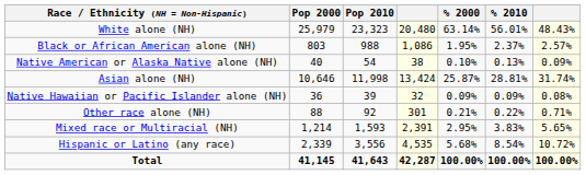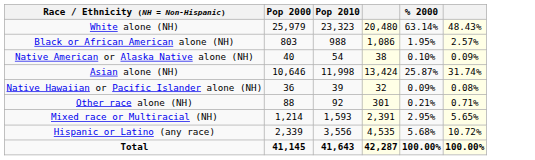 <table class="wikitable" style="text-align:center;">
 <tr>
 <th>Race / Ethnicity <small>(<em>NH = Non-Hispanic</em>)</small></th>
 <th>Pop 2000</th>
 <th>Pop 2010</th>
 <th></th>
 <th>% 2000</th>
-<th>% 2010</th>
 <th></th>
 </tr>
 <tr>
 <td><a href='#'>White</a> alone (NH)</td>
 <td>25,979</td>
 <td>23,323</td>
 <td style='background: #ffffe6;'>20,480</td>
 <td>63.14%</td>
-<td>56.01%</td>
 <td style='background: #ffffe6;'>48.43%</td>
 </tr>
 <tr>
 <td><a href='#'>Black or African American</a> alone (NH)</td>
 <td>803</td>
 <td>988</td>
 <td style='background: #ffffe6;'>1,086</td>
 <td>1.95%</td>
-<td>2.37%</td>
 <td style='background: #ffffe6;'>2.57%</td>
 </tr>
 <tr>
 <td><a href='#'>Native American</a> or <a href='#'>Alaska Native</a> alone (NH)</td>
 <td>40</td>
 <td>54</td>
 <td style='background: #ffffe6;'>38</td>
 <td>0.10%</td>
-<td>0.13%</td>
 <td style='background: #ffffe6;'>0.09%</td>
 </tr>
 <tr>
 <td><a href='#'>Asian</a> alone (NH)</td>
 <td>10,646</td>
 <td>11,998</td>
 <td style='background: #ffffe6;'>13,424</td>
 <td>25.87%</td>
-<td>28.81%</td>
 <td style='background: #ffffe6;'>31.74%</td>
 </tr>
 <tr>
 <td><a href='#'>Native Hawaiian</a> or <a href='#'>Pacific Islander</a> alone (NH)</td>
 <td>36</td>
 <td>39</td>
 <td style='background: #ffffe6;'>32</td>
-<td>0.09%</td>
 <td>0.09%</td>
 <td style='background: #ffffe6;'>0.08%</td>
 </tr>
 <tr>
 <td><a href='#'>Other race</a> alone (NH)</td>
 <td>88</td>
 <td>92</td>
 <td style='background: #ffffe6;'>301</td>
 <td>0.21%</td>
-<td>0.22%</td>
 <td style='background: #ffffe6;'>0.71%</td>
 </tr>
 <tr>
 <td><a href='#'>Mixed race or Multiracial</a> (NH)</td>
 <td>1,214</td>
 <td>1,593</td>
 <td style='background: #ffffe6;'>2,391</td>
 <td>2.95%</td>
-<td>3.83%</td>
 <td style='background: #ffffe6;'>5.65%</td>
 </tr>
 <tr>
 <td><a href='#'>Hispanic or Latino</a> (any race)</td>
 <td>2,339</td>
 <td>3,556</td>
 <td style='background: #ffffe6;'>4,535</td>
 <td>5.68%</td>
-<td>8.54%</td>
 <td style='background: #ffffe6;'>10.72%</td>
 </tr>
 <tr>
 <td><strong>Total</strong></td>
 <td><strong>41,145</strong></td>
 <td><strong>41,643</strong></td>
 <td style='background: #ffffe6;'><strong>42,287</strong></td>
 <td><strong>100.00%</strong></td>
-<td><strong>100.00%</strong></td>
 <td style='background: #ffffe6;'><strong>100.00%</strong></td>
 </tr>
 </table>
